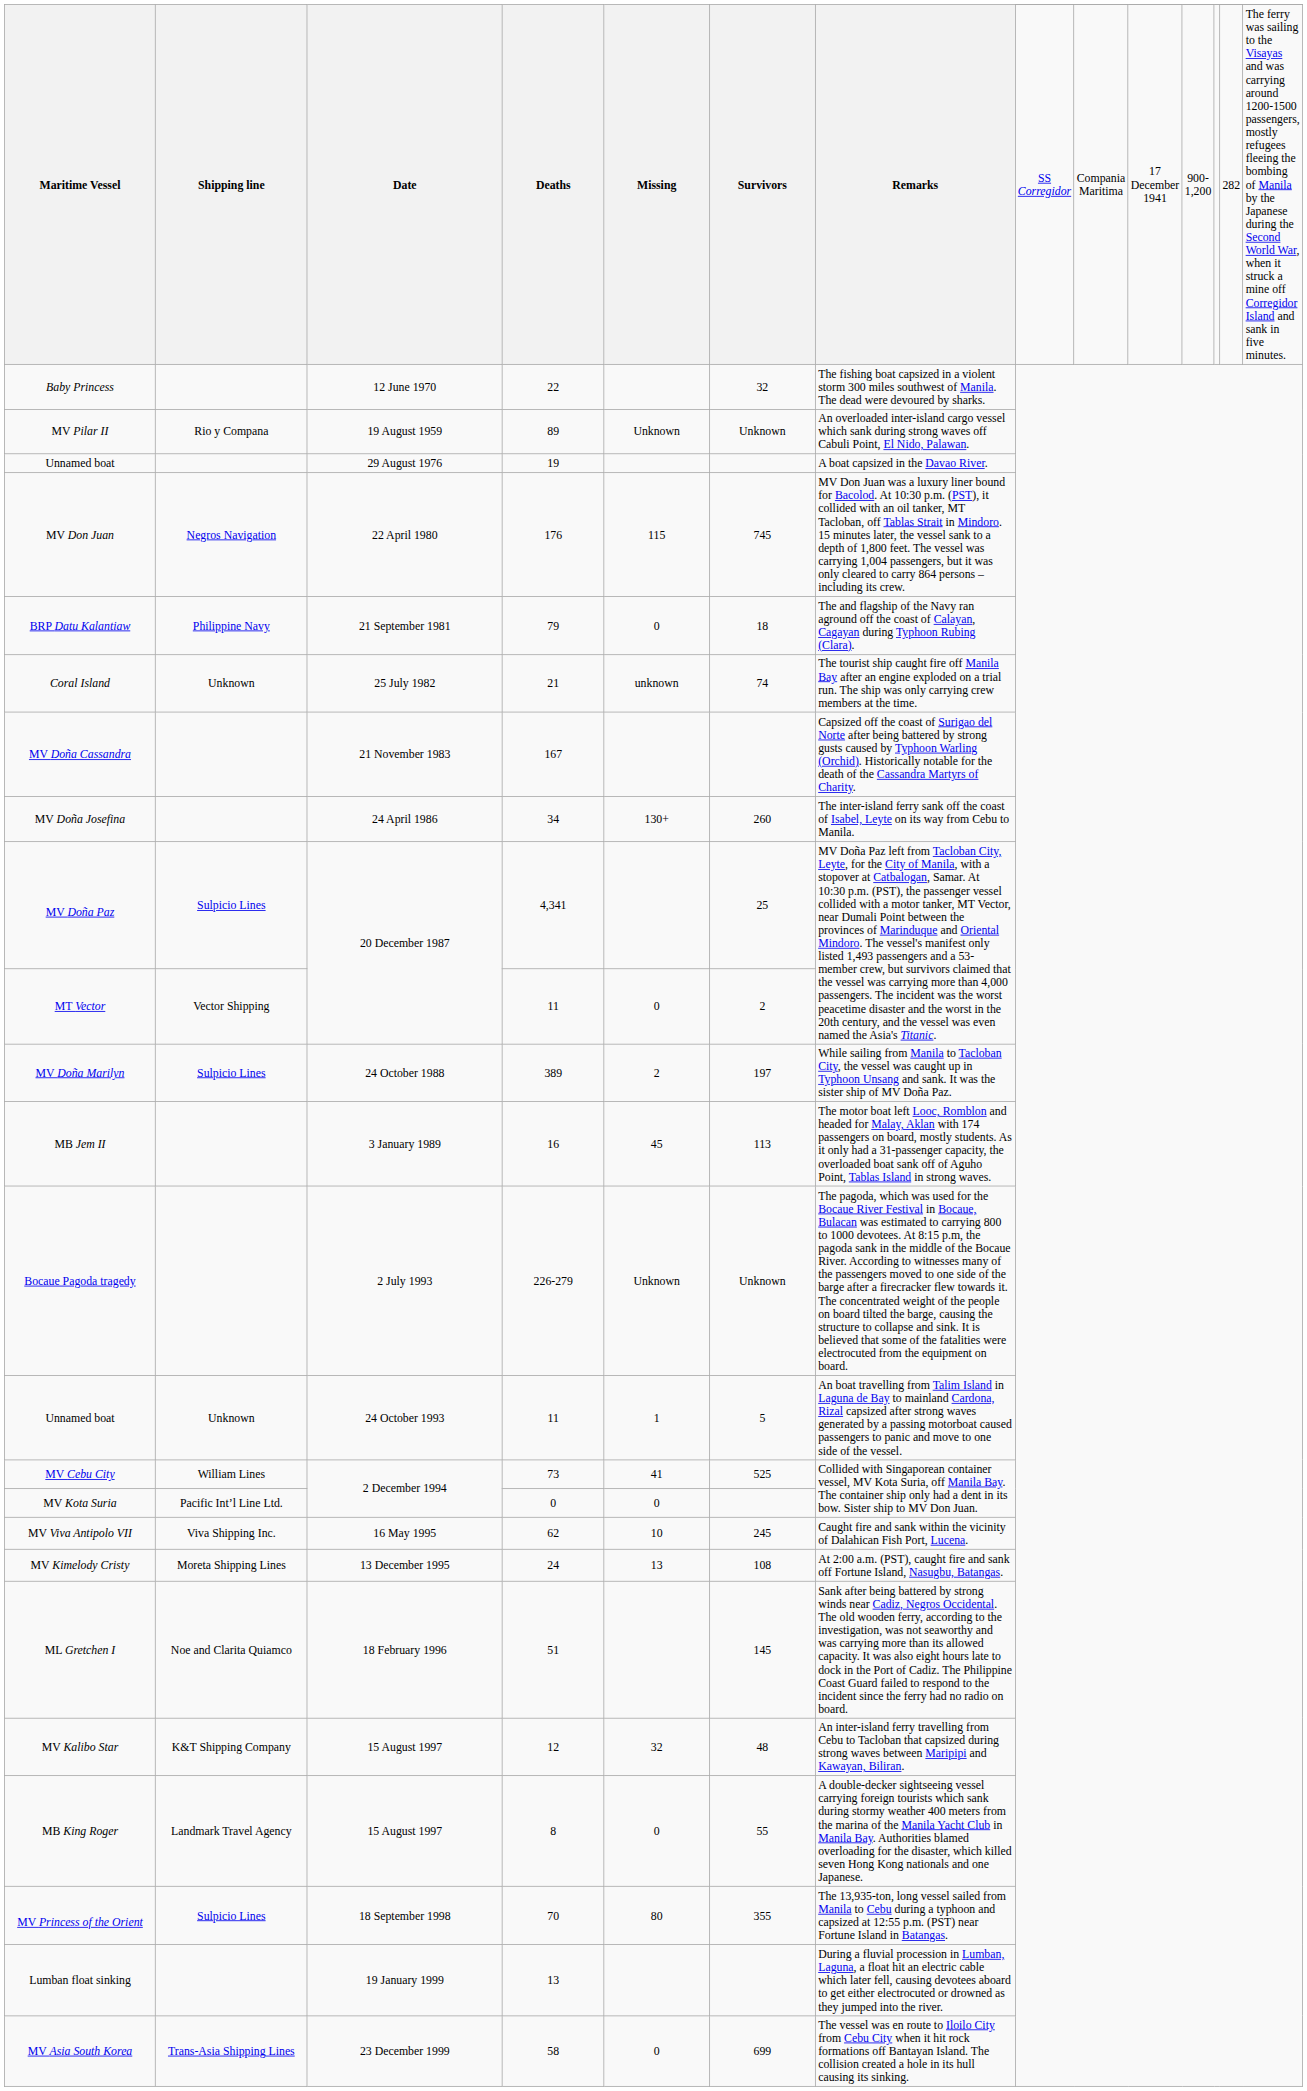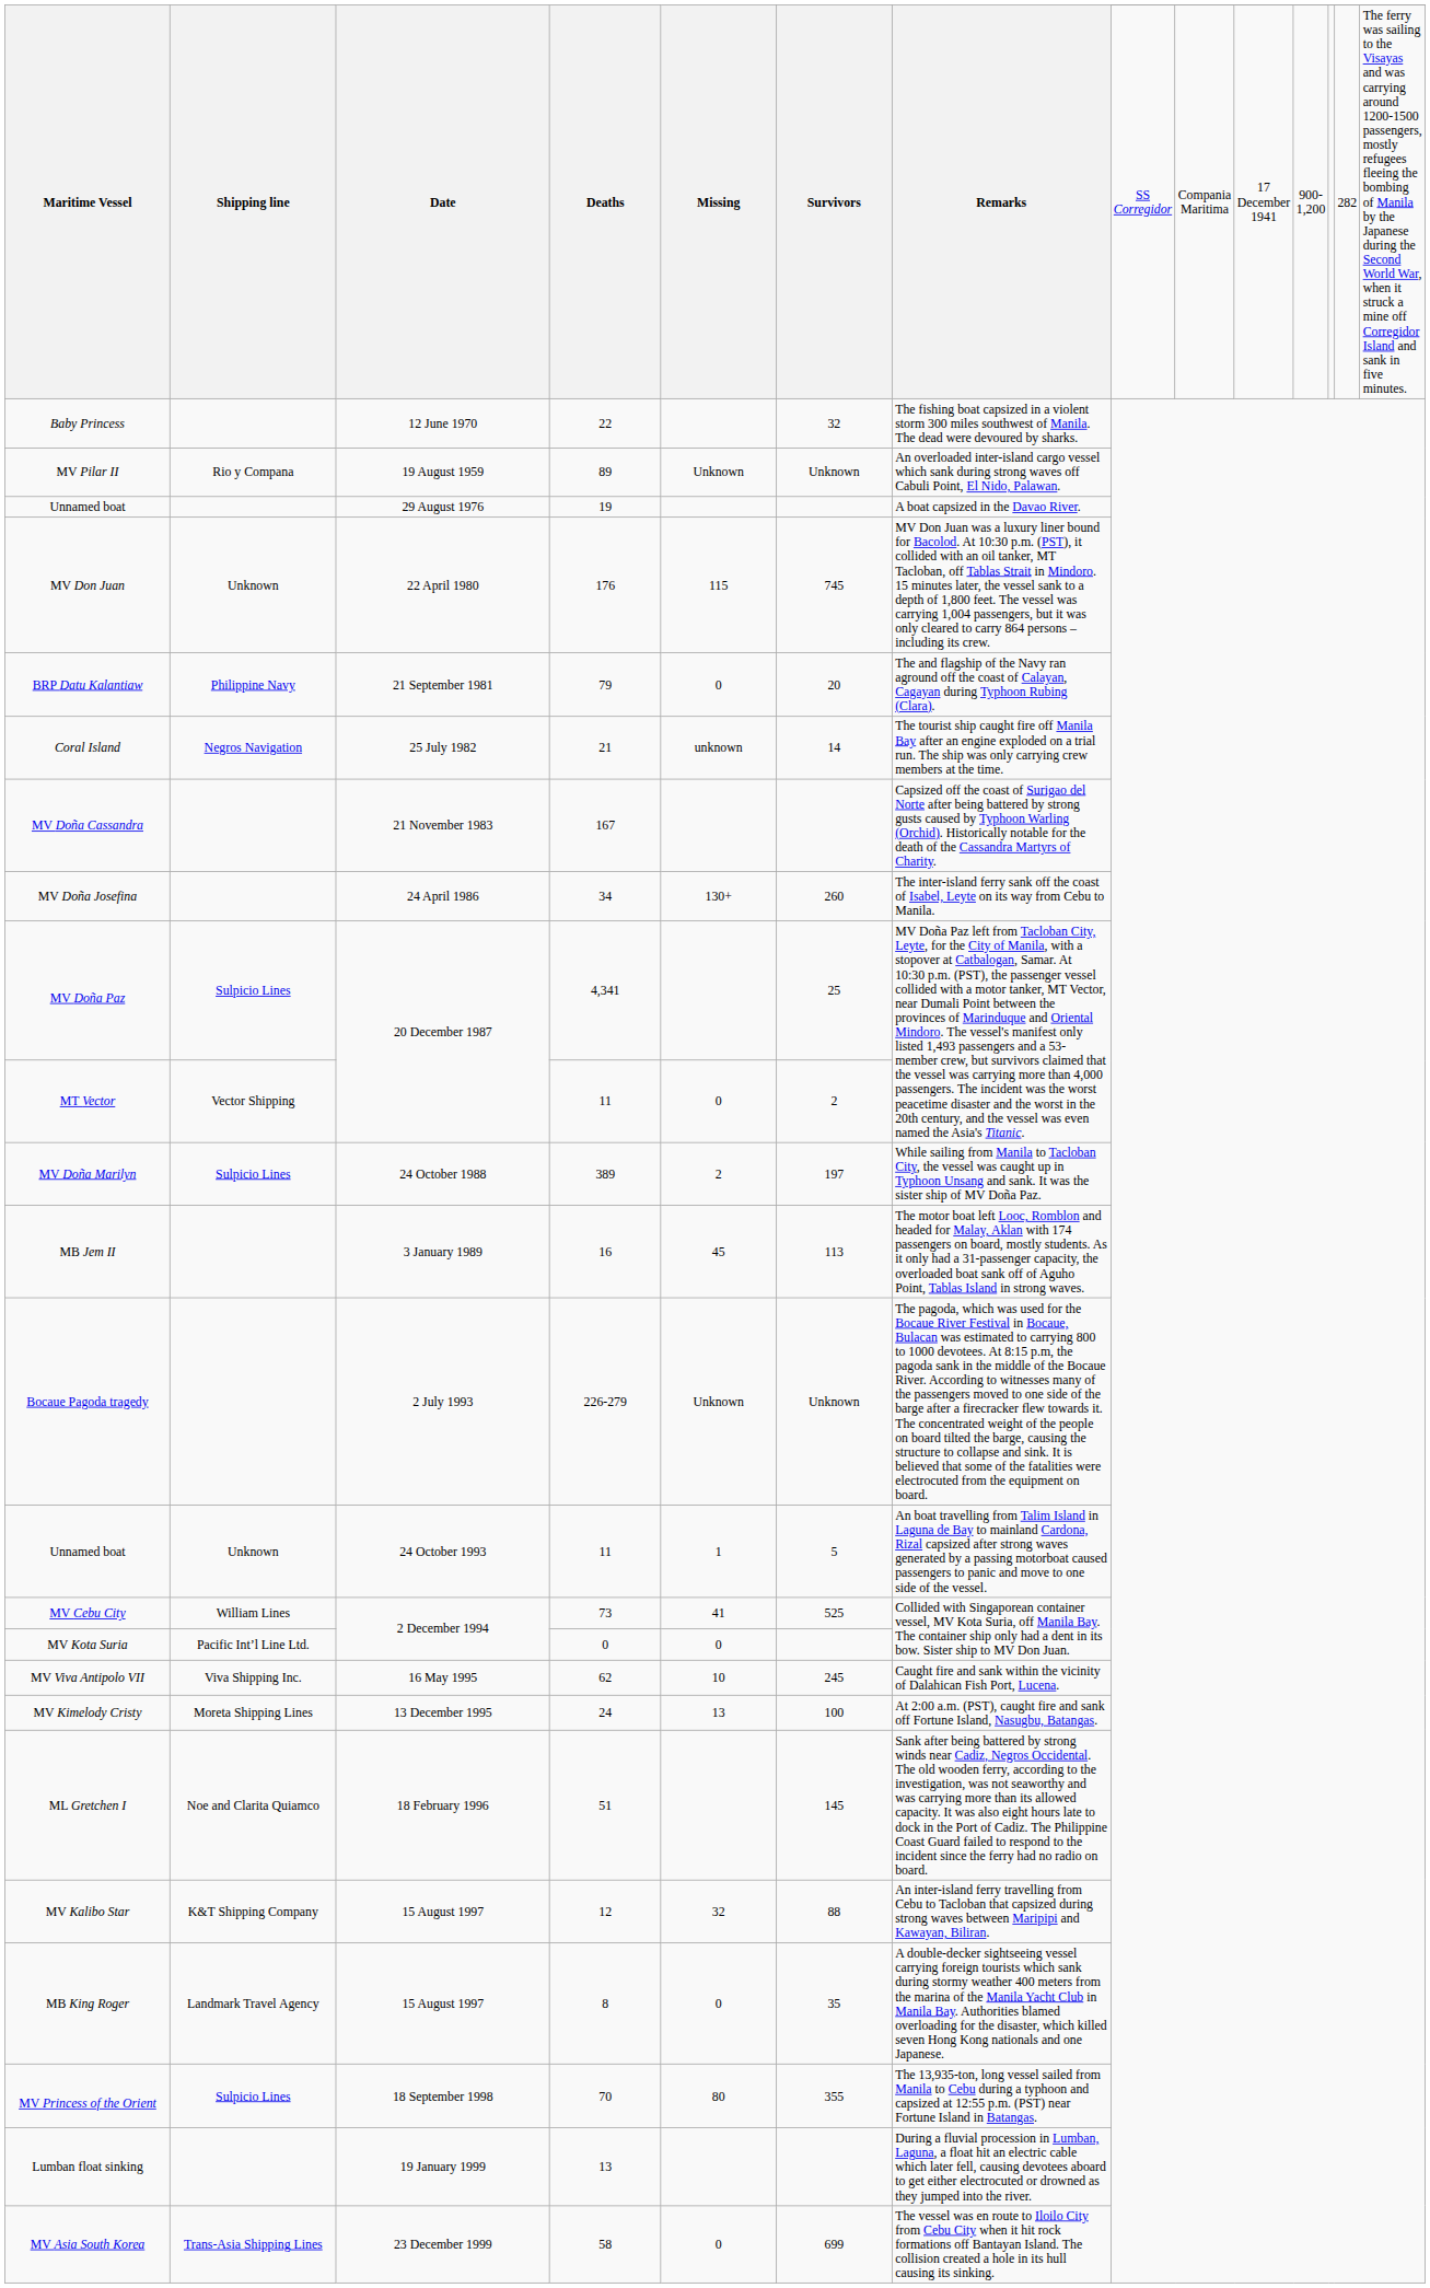 <table class="wikitable sortable" style="text-align:center; font-size:90%; line-height:16px; width:100%;">
 <tr>
 <th scope="col" style="width:15%;" rowspan="2">Maritime Vessel</th>
 <th scope="col" style="width:15%;" rowspan="2">Shipping line</th>
 <th scope="col" style="width:20%;" rowspan="2">Date</th>
 <th scope="col" style="width:10%;" rowspan="2" data-sort-type="number">Deaths</th>
 <th scope="col" style="width:10%;" rowspan="2">Missing</th>
 <th scope="col" style="width:10%;" rowspan="2">Survivors</th>
 <th scope="col" style="width:20%;" rowspan="2">Remarks</th>
 </tr>
 <tr>
 <td scope="row"><a href='#'>SS <em>Corregidor</em></a></td>
 <td>Compania Maritima</td>
 <td>17 December 1941</td>
 <td>900-1,200</td>
 <td></td>
 <td>282</td>
 <td valign="top" align="left">The ferry was sailing to the <a href='#'>Visayas</a> and was carrying around 1200-1500 passengers, mostly refugees fleeing the bombing of <a href='#'>Manila</a> by the Japanese during the <a href='#'>Second World War</a>, when it struck a mine off <a href='#'>Corregidor Island</a> and sank in five minutes.</td>
 </tr>
 <tr>
 <td scope="row"><em>Baby Princess</em></td>
 <td></td>
 <td>12 June 1970</td>
 <td>22</td>
 <td></td>
 <td>32</td>
 <td valign="top" align="left">The fishing boat capsized in a violent storm 300 miles southwest of <a href='#'>Manila</a>. The dead were devoured by sharks.</td>
 </tr>
 <tr>
 <td scope="row">MV <em>Pilar II</em></td>
 <td>Rio y Compana</td>
 <td>19 August 1959</td>
 <td>89</td>
 <td>Unknown</td>
 <td>Unknown</td>
 <td valign="top" align="left">An overloaded inter-island cargo vessel which sank during strong waves off Cabuli Point, <a href='#'>El Nido, Palawan</a>.</td>
 </tr>
 <tr>
 <td scope="row">Unnamed boat</td>
 <td></td>
 <td>29 August 1976</td>
 <td>19</td>
 <td></td>
 <td></td>
 <td valign="top" align="left">A boat capsized in the <a href='#'>Davao River</a>.</td>
 </tr>
 <tr>
 <td scope="row">MV <em>Don Juan</em></td>
-<td><a href='#'>Negros Navigation</a></td>
+<td>Unknown</td>
 <td>22 April 1980</td>
 <td>176</td>
 <td>115</td>
 <td>745</td>
 <td valign="top" align="left">MV Don Juan was a luxury liner bound for <a href='#'>Bacolod</a>. At 10:30 p.m. (<a href='#'>PST</a>), it collided with an oil tanker, MT Tacloban, off <a href='#'>Tablas Strait</a> in <a href='#'>Mindoro</a>. 15 minutes later, the vessel sank to a depth of 1,800 feet. The vessel was carrying 1,004 passengers, but it was only cleared to carry 864 persons – including its crew.</td>
 </tr>
 <tr>
 <td scope="row"><a href='#'>BRP <em>Datu Kalantiaw</em></a></td>
 <td><a href='#'>Philippine Navy</a></td>
 <td>21 September 1981</td>
 <td>79</td>
 <td>0</td>
-<td>18</td>
+<td>20</td>
 <td valign="top" align="left">The  and flagship of the Navy ran aground off the coast of <a href='#'>Calayan</a>, <a href='#'>Cagayan</a> during <a href='#'>Typhoon Rubing (Clara)</a>.</td>
 </tr>
 <tr>
 <td scope="row"><em>Coral Island</em></td>
-<td>Unknown</td>
+<td><a href='#'>Negros Navigation</a></td>
 <td>25 July 1982</td>
 <td>21</td>
 <td>unknown</td>
-<td>74</td>
+<td>14</td>
 <td valign="top" align="left">The tourist ship caught fire off <a href='#'>Manila Bay</a> after an engine exploded on a trial run. The ship was only carrying crew members at the time.</td>
 </tr>
 <tr>
 <td scope="row"><a href='#'>MV <em>Doña Cassandra</em></a></td>
 <td></td>
 <td>21 November 1983</td>
 <td>167</td>
 <td></td>
 <td></td>
 <td valign="top" align="left">Capsized off the coast of <a href='#'>Surigao del Norte</a> after being battered by strong gusts caused by <a href='#'>Typhoon Warling (Orchid)</a>. Historically notable for the death of the <a href='#'>Cassandra Martyrs of Charity</a>.</td>
 </tr>
 <tr>
 <td scope="row">MV <em>Doña Josefina</em></td>
 <td></td>
 <td>24 April 1986</td>
 <td>34</td>
 <td>130+</td>
 <td>260</td>
 <td valign="top" align="left">The inter-island ferry sank off the coast of <a href='#'>Isabel, Leyte</a> on its way from Cebu to Manila.</td>
 </tr>
 <tr>
 <td scope="row"><br><a href='#'>MV <em>Doña Paz</em></a></td>
 <td><a href='#'>Sulpicio Lines</a></td>
 <td rowspan="2">20 December 1987</td>
 <td>4,341</td>
 <td></td>
 <td>25</td>
 <td valign="top" rowspan="2" align="left">MV Doña Paz left from <a href='#'>Tacloban City, Leyte</a>, for the <a href='#'>City of Manila</a>, with a stopover at <a href='#'>Catbalogan</a>, Samar. At 10:30 p.m. (PST), the passenger vessel collided with a motor tanker, MT Vector, near Dumali Point between the provinces of <a href='#'>Marinduque</a> and <a href='#'>Oriental Mindoro</a>. The vessel's manifest only listed 1,493 passengers and a 53-member crew, but survivors claimed that the vessel was carrying more than 4,000 passengers. The incident was the worst peacetime disaster and the worst in the 20th century, and the vessel was even named the Asia's <em><a href='#'>Titanic</a></em>.</td>
 </tr>
 <tr>
 <td scope="row"><a href='#'>MT <em>Vector</em></a></td>
 <td>Vector Shipping</td>
 <td>11</td>
 <td>0</td>
 <td>2</td>
 </tr>
 <tr>
 <td scope="row"><a href='#'>MV <em>Doña Marilyn</em></a></td>
 <td><a href='#'>Sulpicio Lines</a></td>
 <td>24 October 1988</td>
 <td>389</td>
 <td>2</td>
 <td>197</td>
 <td valign="top" align="left">While sailing from <a href='#'>Manila</a> to <a href='#'>Tacloban City</a>, the vessel was caught up in <a href='#'>Typhoon Unsang</a> and sank. It was the sister ship of MV Doña Paz.</td>
 </tr>
 <tr>
 <td scope="row">MB <em>Jem II</em></td>
 <td></td>
 <td>3 January 1989</td>
 <td>16</td>
 <td>45</td>
 <td>113</td>
 <td valign="top" align="left">The motor boat left <a href='#'>Looc, Romblon</a> and headed for <a href='#'>Malay, Aklan</a> with 174 passengers on board, mostly students. As it only had a 31-passenger capacity, the overloaded boat sank off of Aguho Point, <a href='#'>Tablas Island</a> in strong waves.</td>
 </tr>
 <tr>
 <td scope="row"><a href='#'>Bocaue Pagoda tragedy</a></td>
 <td></td>
 <td>2 July 1993</td>
 <td>226-279</td>
 <td>Unknown</td>
 <td>Unknown</td>
 <td valign="top" align="left">The pagoda, which was used for the <a href='#'>Bocaue River Festival</a> in <a href='#'>Bocaue, Bulacan</a> was estimated to carrying 800 to 1000 devotees. At 8:15 p.m, the pagoda sank in the middle of the Bocaue River. According to witnesses many of the passengers moved to one side of the barge after a firecracker flew towards it. The concentrated weight of the people on board tilted the barge, causing the structure to collapse and sink. It is believed that some of the fatalities were electrocuted from the equipment on board.</td>
 </tr>
 <tr>
 <td scope="row">Unnamed boat</td>
 <td>Unknown</td>
 <td>24 October 1993</td>
 <td>11</td>
 <td>1</td>
 <td>5</td>
 <td valign="top" align="left">An boat travelling from <a href='#'>Talim Island</a> in <a href='#'>Laguna de Bay</a> to mainland <a href='#'>Cardona, Rizal</a> capsized after strong waves generated by a passing motorboat caused passengers to panic and move to one side of the vessel.</td>
 </tr>
 <tr>
 <td scope="row"><a href='#'>MV <em>Cebu City</em></a></td>
 <td>William Lines</td>
 <td rowspan="2">2 December 1994</td>
 <td>73</td>
 <td>41</td>
 <td>525</td>
 <td valign="top" rowspan="2" align="left">Collided with Singaporean container vessel, MV Kota Suria, off <a href='#'>Manila Bay</a>. The container ship only had a dent in its bow. Sister ship to MV Don Juan.</td>
 </tr>
 <tr>
 <td scope="row">MV <em>Kota Suria</em></td>
 <td> Pacific Int’l Line Ltd.</td>
 <td>0</td>
 <td>0</td>
 <td></td>
 </tr>
 <tr>
 <td scope="row">MV <em>Viva Antipolo VII</em></td>
 <td>Viva Shipping Inc.</td>
 <td>16 May 1995</td>
 <td>62</td>
 <td>10</td>
 <td>245</td>
 <td valign="top" align="left">Caught fire and sank within the vicinity of Dalahican Fish Port, <a href='#'>Lucena</a>.</td>
 </tr>
 <tr>
 <td scope="row">MV <em>Kimelody Cristy</em></td>
 <td>Moreta Shipping Lines</td>
 <td>13 December 1995</td>
 <td>24</td>
 <td>13</td>
-<td>108</td>
+<td>100</td>
 <td valign="top" align="left">At 2:00 a.m. (PST), caught fire and sank off Fortune Island, <a href='#'>Nasugbu, Batangas</a>.</td>
 </tr>
 <tr>
 <td scope="row">ML <em>Gretchen I</em></td>
 <td>Noe and Clarita Quiamco</td>
 <td>18 February 1996</td>
 <td>51</td>
 <td></td>
 <td>145</td>
 <td valign="top" align="left">Sank after being battered by strong winds near <a href='#'>Cadiz, Negros Occidental</a>. The old wooden ferry, according to the investigation, was not seaworthy and was carrying more than its allowed capacity. It was also eight hours late to dock in the Port of Cadiz. The Philippine Coast Guard failed to respond to the incident since the ferry had no radio on board.</td>
 </tr>
 <tr>
 <td scope="row">MV <em>Kalibo Star</em></td>
 <td>K&T Shipping Company</td>
 <td>15 August 1997</td>
 <td>12</td>
 <td>32</td>
-<td>48</td>
+<td>88</td>
 <td valign="top" align="left">An inter-island ferry travelling from Cebu to Tacloban that capsized during strong waves between <a href='#'>Maripipi</a> and <a href='#'>Kawayan, Biliran</a>.</td>
 </tr>
 <tr>
 <td scope="row">MB <em>King Roger</em></td>
 <td>Landmark Travel Agency</td>
 <td>15 August 1997</td>
 <td>8</td>
 <td>0</td>
-<td>55</td>
+<td>35</td>
 <td valign="top" align="left">A double-decker sightseeing vessel carrying foreign tourists which sank during stormy weather 400 meters from the marina of the <a href='#'>Manila Yacht Club</a> in <a href='#'>Manila Bay</a>. Authorities blamed overloading for the disaster, which killed seven Hong Kong nationals and one Japanese.</td>
 </tr>
 <tr>
 <td scope="row"><br><a href='#'>MV <em>Princess of the Orient</em></a></td>
 <td><a href='#'>Sulpicio Lines</a></td>
 <td>18 September 1998</td>
 <td>70</td>
 <td>80</td>
 <td>355</td>
 <td valign="top" align="left">The 13,935-ton,  long vessel sailed from <a href='#'>Manila</a> to <a href='#'>Cebu</a> during a typhoon and capsized at 12:55 p.m. (PST) near Fortune Island in <a href='#'>Batangas</a>.</td>
 </tr>
 <tr>
 <td scope="row">Lumban float sinking</td>
 <td></td>
 <td>19 January 1999</td>
 <td>13</td>
 <td></td>
 <td></td>
 <td valign="top" align="left">During a fluvial procession in <a href='#'>Lumban, Laguna</a>, a float hit an electric cable which later fell, causing devotees aboard to get either electrocuted or drowned as they jumped into the river.</td>
 </tr>
 <tr>
 <td scope="row"><a href='#'>MV <em>Asia South Korea</em></a></td>
 <td><a href='#'>Trans-Asia Shipping Lines</a></td>
 <td>23 December 1999</td>
 <td>58</td>
 <td>0</td>
 <td>699</td>
 <td valign="top" align="left">The vessel was en route to <a href='#'>Iloilo City</a> from <a href='#'>Cebu City</a> when it hit rock formations off Bantayan Island. The collision created a hole in its hull causing its sinking.</td>
 </tr>
 </table>
